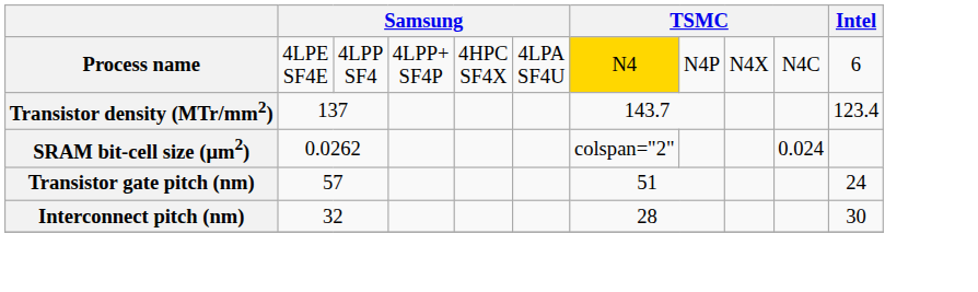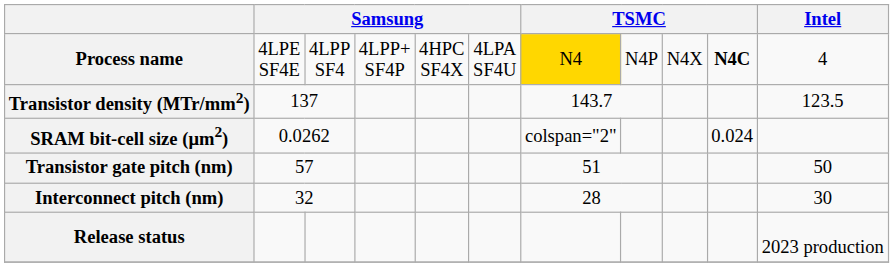 <table class="wikitable" style="text-align:center">
 <tr>
 <th></th>
 <th colspan="5"><a href='#'>Samsung</a></th>
 <th colspan="4"><a href='#'>TSMC</a></th>
 <th><a href='#'>Intel</a></th>
 </tr>
 <tr>
 <th>Process name</th>
 <td>4LPE<br>SF4E</td>
 <td>4LPP<br>SF4</td>
 <td>4LPP+<br>SF4P</td>
 <td>4HPC<br>SF4X</td>
 <td>4LPA<br>SF4U</td>
 <td style="background: gold;">N4</td>
 <td>N4P</td>
 <td>N4X</td>
-<td>N4C</td>
-<td>6</td>
+<td><strong>N4C</strong></td>
+<td>4</td>
 </tr>
 <tr>
 <th>Transistor density (MTr/mm<sup>2</sup>)</th>
 <td colspan="2">137</td>
 <td></td>
 <td></td>
 <td></td>
 <td colspan="2">143.7</td>
 <td></td>
 <td></td>
-<td>123.4</td>
+<td>123.5</td>
 </tr>
 <tr>
 <th>SRAM bit-cell size (μm<sup>2</sup>)</th>
 <td colspan="2">0.0262</td>
 <td></td>
 <td></td>
 <td></td>
 <td>colspan="2"  </td>
 <td></td>
 <td></td>
 <td>0.024</td>
 </tr>
 <tr>
 <th>Transistor gate pitch (nm)</th>
 <td colspan="2">57</td>
 <td></td>
 <td></td>
 <td></td>
 <td colspan="2">51</td>
 <td></td>
 <td></td>
-<td>24</td>
+<td>50</td>
 </tr>
 <tr>
 <th>Interconnect pitch (nm)</th>
 <td colspan="2">32</td>
 <td></td>
 <td></td>
 <td></td>
 <td colspan="2">28</td>
 <td></td>
 <td></td>
 <td>30</td>
 </tr>
 <tr>
+<th>Release status</th>
+<td></td>
+<td></td>
+<td></td>
+<td></td>
+<td></td>
+<td></td>
+<td></td>
+<td></td>
+<td></td>
+<td><br>2023 production</td>
+</tr>
+<tr>
 </tr>
 </table>
